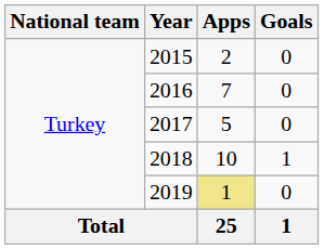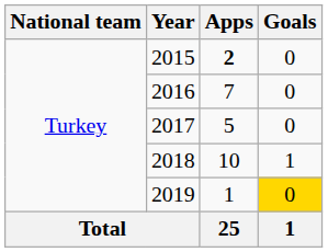 <table class="wikitable" style="text-align:center">
 <tr>
 <th>National team</th>
 <th>Year</th>
 <th>Apps</th>
 <th>Goals</th>
 </tr>
 <tr>
 <td rowspan="5"><a href='#'>Turkey</a></td>
 <td>2015</td>
-<td>2</td>
+<td><strong>2</strong></td>
 <td>0</td>
 </tr>
 <tr>
 <td>2016</td>
 <td>7</td>
 <td>0</td>
 </tr>
 <tr>
 <td>2017</td>
 <td>5</td>
 <td>0</td>
 </tr>
 <tr>
 <td>2018</td>
 <td>10</td>
 <td>1</td>
 </tr>
 <tr>
 <td>2019</td>
-<td style="background: khaki;">1</td>
-<td>0</td>
+<td>1</td>
+<td style="background: gold;">0</td>
 </tr>
 <tr>
 <th colspan="2">Total</th>
 <th>25</th>
 <th>1</th>
 </tr>
 </table>
